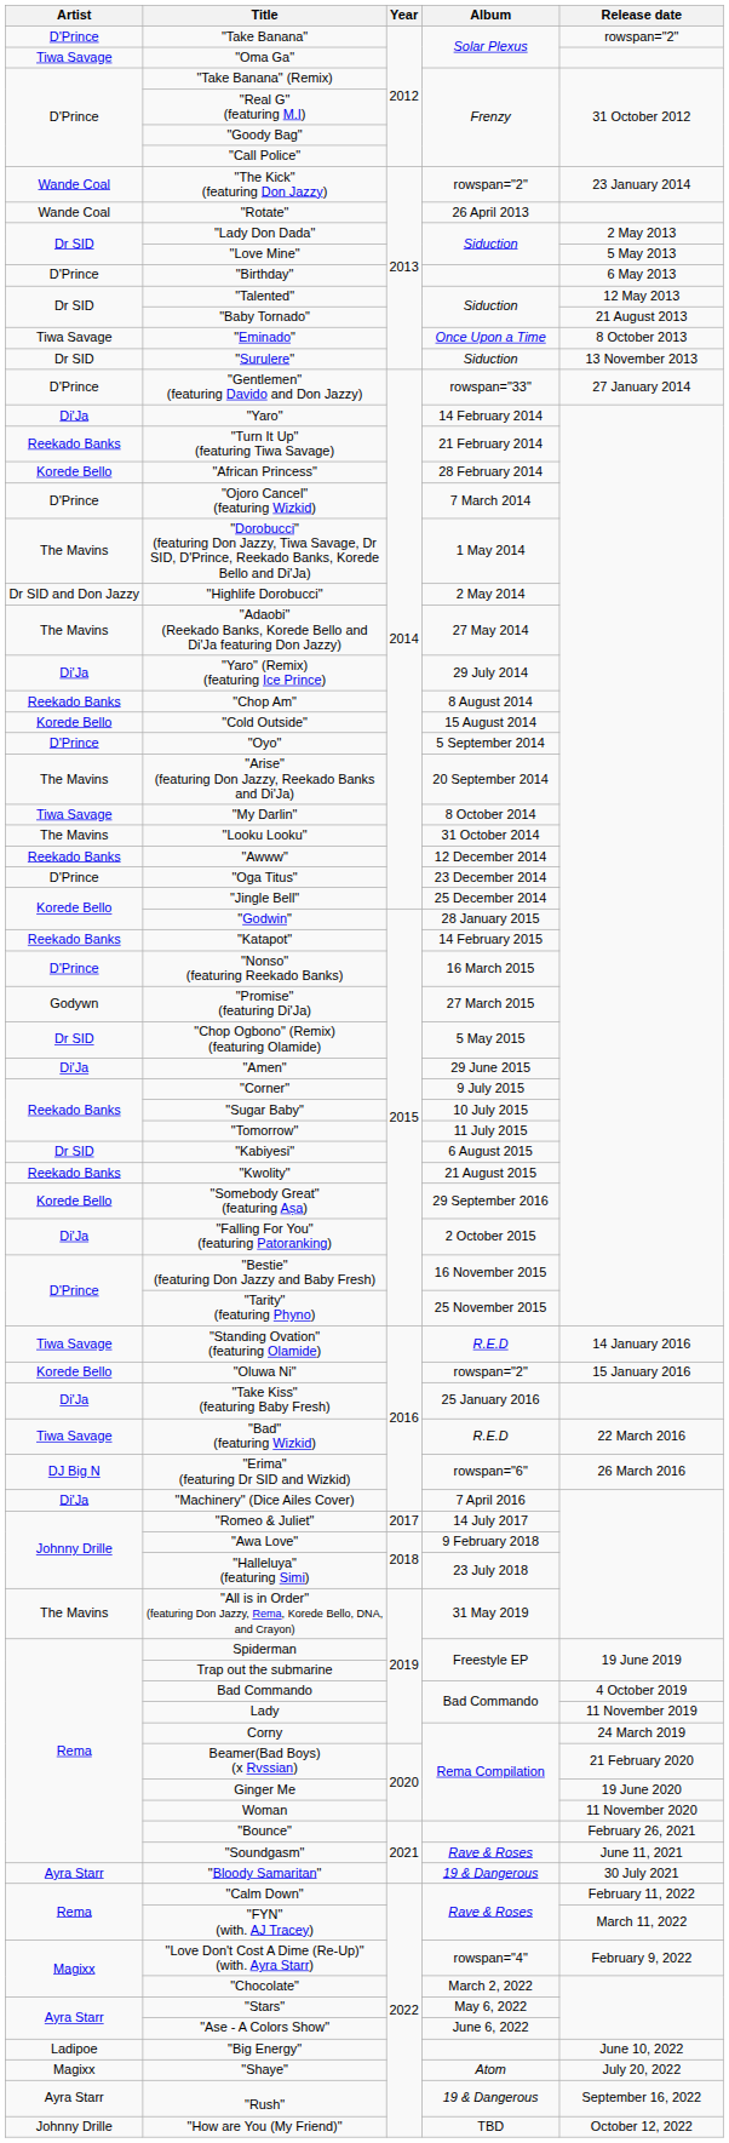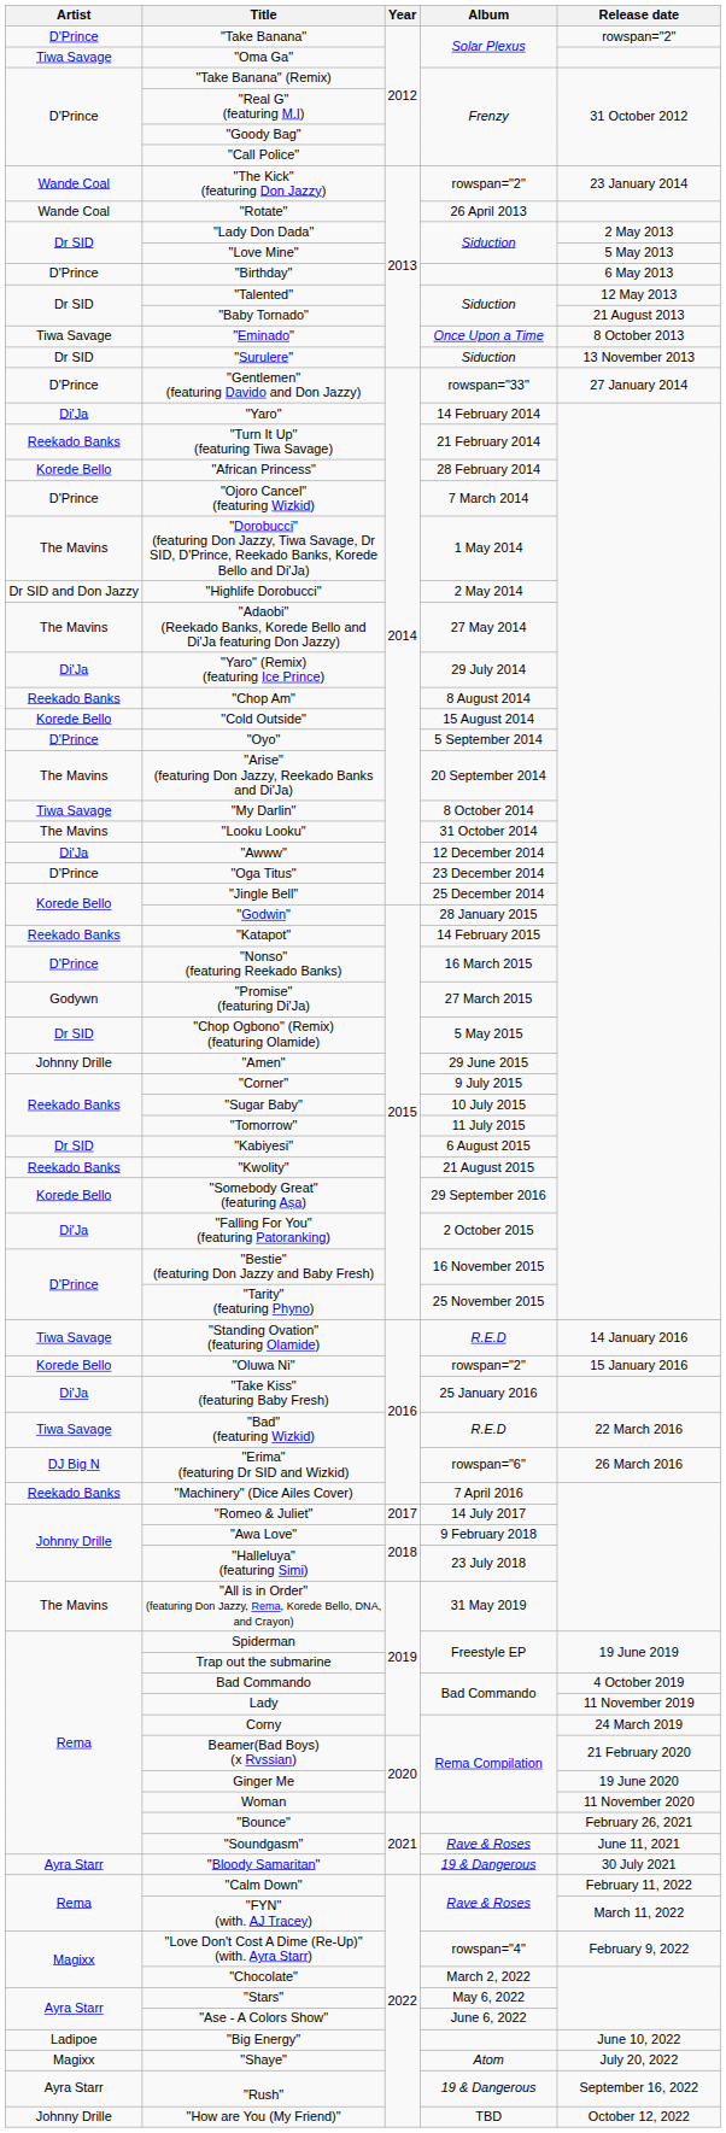 <table class="wikitable plainrowheaders" style="text-align:center;" border="1">
 <tr>
 <th style="width:10em;">Artist</th>
 <th style="width:18em;">Title</th>
 <th style="width:2em;">Year</th>
 <th style="width:10em;">Album</th>
 <th style="width:12em;">Release date</th>
 </tr>
 <tr>
 <td><a href='#'>D'Prince</a></td>
 <td>"Take Banana"</td>
 <td rowspan="6">2012</td>
 <td rowspan="2"><em><a href='#'>Solar Plexus</a></em></td>
 <td>rowspan="2" </td>
 </tr>
 <tr>
 <td><a href='#'>Tiwa Savage</a></td>
 <td>"Oma Ga"</td>
 </tr>
 <tr>
 <td rowspan="4">D'Prince</td>
 <td>"Take Banana" (Remix)</td>
 <td rowspan="4"><em>Frenzy</em></td>
 <td rowspan="4">31 October 2012</td>
 </tr>
 <tr>
 <td>"Real G" <br><span>(featuring <a href='#'>M.I</a>)</span></td>
 </tr>
 <tr>
 <td>"Goody Bag"</td>
 </tr>
 <tr>
 <td>"Call Police"</td>
 </tr>
 <tr>
 <td><a href='#'>Wande Coal</a></td>
 <td>"The Kick" <br><span>(featuring <a href='#'>Don Jazzy</a>)</span></td>
 <td rowspan="9">2013</td>
 <td>rowspan="2" </td>
 <td>23 January 2014</td>
 </tr>
 <tr>
 <td>Wande Coal</td>
 <td>"Rotate"</td>
 <td>26 April 2013</td>
 </tr>
 <tr>
 <td rowspan="2"><a href='#'>Dr SID</a></td>
 <td>"Lady Don Dada"</td>
 <td rowspan="2"><em><a href='#'>Siduction</a></em></td>
 <td>2 May 2013</td>
 </tr>
 <tr>
 <td>"Love Mine"</td>
 <td>5 May 2013</td>
 </tr>
 <tr>
 <td>D'Prince</td>
 <td>"Birthday"</td>
 <td></td>
 <td>6 May 2013</td>
 </tr>
 <tr>
 <td rowspan="2">Dr SID</td>
 <td>"Talented"</td>
 <td rowspan="2"><em>Siduction</em></td>
 <td>12 May 2013</td>
 </tr>
 <tr>
 <td>"Baby Tornado"</td>
 <td>21 August 2013</td>
 </tr>
 <tr>
 <td>Tiwa Savage</td>
 <td>"<a href='#'>Eminado</a>"</td>
 <td><em><a href='#'>Once Upon a Time</a></em></td>
 <td>8 October 2013</td>
 </tr>
 <tr>
 <td>Dr SID</td>
 <td>"<a href='#'>Surulere</a>"</td>
 <td><em>Siduction</em></td>
 <td>13 November 2013</td>
 </tr>
 <tr>
 <td>D'Prince</td>
 <td>"Gentlemen" <br><span>(featuring <a href='#'>Davido</a> and Don Jazzy)</span></td>
 <td rowspan="18">2014</td>
 <td>rowspan="33" </td>
 <td>27 January 2014</td>
 </tr>
 <tr>
 <td><a href='#'>Di'Ja</a></td>
 <td>"Yaro"</td>
 <td>14 February 2014</td>
 </tr>
 <tr>
 <td><a href='#'>Reekado Banks</a></td>
 <td>"Turn It Up" <br><span>(featuring Tiwa Savage)</span></td>
 <td>21 February 2014</td>
 </tr>
 <tr>
 <td><a href='#'>Korede Bello</a></td>
 <td>"African Princess"</td>
 <td>28 February 2014</td>
 </tr>
 <tr>
 <td>D'Prince</td>
 <td>"Ojoro Cancel" <br><span>(featuring <a href='#'>Wizkid</a>)</span></td>
 <td>7 March 2014</td>
 </tr>
 <tr>
 <td>The Mavins</td>
 <td>"<a href='#'>Dorobucci</a>" <br><span>(featuring Don Jazzy, Tiwa Savage, Dr SID, D'Prince, Reekado Banks, Korede Bello and Di'Ja)</span></td>
 <td>1 May 2014</td>
 </tr>
 <tr>
 <td>Dr SID and Don Jazzy</td>
 <td>"Highlife Dorobucci"</td>
 <td>2 May 2014</td>
 </tr>
 <tr>
 <td>The Mavins</td>
 <td>"Adaobi" <br><span>(Reekado Banks, Korede Bello and Di'Ja featuring Don Jazzy)</span></td>
 <td>27 May 2014</td>
 </tr>
 <tr>
 <td><a href='#'>Di'Ja</a></td>
 <td>"Yaro" (Remix) <br><span>(featuring <a href='#'>Ice Prince</a>)</span></td>
 <td>29 July 2014</td>
 </tr>
 <tr>
 <td><a href='#'>Reekado Banks</a></td>
 <td>"Chop Am"</td>
 <td>8 August 2014</td>
 </tr>
 <tr>
 <td><a href='#'>Korede Bello</a></td>
 <td>"Cold Outside"</td>
 <td>15 August 2014</td>
 </tr>
 <tr>
 <td><a href='#'>D'Prince</a></td>
 <td>"Oyo"</td>
 <td>5 September 2014</td>
 </tr>
 <tr>
 <td>The Mavins</td>
 <td>"Arise" <br><span>(featuring Don Jazzy, Reekado Banks and Di'Ja)</span></td>
 <td>20 September 2014</td>
 </tr>
 <tr>
 <td><a href='#'>Tiwa Savage</a></td>
 <td>"My Darlin"</td>
 <td>8 October 2014</td>
 </tr>
 <tr>
 <td>The Mavins</td>
 <td>"Looku Looku"</td>
 <td>31 October 2014</td>
 </tr>
 <tr>
-<td><a href='#'>Reekado Banks</a></td>
+<td><a href='#'>Di'Ja</a></td>
 <td>"Awww"</td>
 <td>12 December 2014</td>
 </tr>
 <tr>
 <td>D'Prince</td>
 <td>"Oga Titus"</td>
 <td>23 December 2014</td>
 </tr>
 <tr>
 <td rowspan="2"><a href='#'>Korede Bello</a></td>
 <td>"Jingle Bell"</td>
 <td>25 December 2014</td>
 </tr>
 <tr>
 <td>"<a href='#'>Godwin</a>"</td>
 <td rowspan="15">2015</td>
 <td>28 January 2015</td>
 </tr>
 <tr>
 <td><a href='#'>Reekado Banks</a></td>
 <td>"Katapot"</td>
 <td>14 February 2015</td>
 </tr>
 <tr>
 <td><a href='#'>D'Prince</a></td>
 <td>"Nonso" <br><span>(featuring Reekado Banks)</span></td>
 <td>16 March 2015</td>
 </tr>
 <tr>
 <td>Godywn  </td>
 <td>"Promise" <br><span>(featuring Di'Ja)</span></td>
 <td>27 March 2015</td>
 </tr>
 <tr>
 <td><a href='#'>Dr SID</a></td>
 <td>"Chop Ogbono" (Remix) <br><span>(featuring Olamide)</span></td>
 <td>5 May 2015</td>
 </tr>
 <tr>
-<td><a href='#'>Di'Ja</a></td>
+<td>Johnny Drille</td>
 <td>"Amen"</td>
 <td>29 June 2015</td>
 </tr>
 <tr>
 <td rowspan="3"><a href='#'>Reekado Banks</a></td>
 <td>"Corner"</td>
 <td>9 July 2015</td>
 </tr>
 <tr>
 <td>"Sugar Baby"</td>
 <td>10 July 2015</td>
 </tr>
 <tr>
 <td>"Tomorrow"</td>
 <td>11 July 2015</td>
 </tr>
 <tr>
 <td><a href='#'>Dr SID</a></td>
 <td>"Kabiyesi"</td>
 <td>6 August 2015</td>
 </tr>
 <tr>
 <td><a href='#'>Reekado Banks</a></td>
 <td>"Kwolity"</td>
 <td>21 August 2015</td>
 </tr>
 <tr>
 <td><a href='#'>Korede Bello</a></td>
 <td>"Somebody Great" <br><span>(featuring <a href='#'>Aṣa</a>)</span></td>
 <td>29 September 2016</td>
 </tr>
 <tr>
 <td><a href='#'>Di'Ja</a></td>
 <td>"Falling For You" <br><span>(featuring <a href='#'>Patoranking</a>)</span></td>
 <td>2 October 2015</td>
 </tr>
 <tr>
 <td rowspan="2"><a href='#'>D'Prince</a></td>
 <td>"Bestie" <br><span>(featuring Don Jazzy and Baby Fresh)</span></td>
 <td>16 November 2015</td>
 </tr>
 <tr>
 <td>"Tarity" <br><span>(featuring <a href='#'>Phyno</a>)</span></td>
 <td>25 November 2015</td>
 </tr>
 <tr>
 <td><a href='#'>Tiwa Savage</a></td>
 <td>"Standing Ovation" <br><span>(featuring <a href='#'>Olamide</a>)</span></td>
 <td rowspan="6">2016</td>
 <td><em><a href='#'>R.E.D</a></em></td>
 <td>14 January 2016</td>
 </tr>
 <tr>
 <td><a href='#'>Korede Bello</a></td>
 <td>"Oluwa Ni"</td>
 <td>rowspan="2" </td>
 <td>15 January 2016</td>
 </tr>
 <tr>
 <td><a href='#'>Di'Ja</a></td>
 <td>"Take Kiss" <br><span>(featuring Baby Fresh)</span></td>
 <td>25 January 2016</td>
 </tr>
 <tr>
 <td><a href='#'>Tiwa Savage</a></td>
 <td>"Bad"  <br><span>(featuring <a href='#'>Wizkid</a>)</span></td>
 <td><em>R.E.D</em></td>
 <td>22 March 2016</td>
 </tr>
 <tr>
 <td><a href='#'>DJ Big N</a></td>
 <td>"Erima" <br><span>(featuring Dr SID and Wizkid)</span></td>
 <td>rowspan="6" </td>
 <td>26 March 2016</td>
 </tr>
 <tr>
-<td><a href='#'>Di'Ja</a></td>
+<td><a href='#'>Reekado Banks</a></td>
 <td>"Machinery" (Dice Ailes Cover)</td>
 <td>7 April 2016</td>
 </tr>
 <tr>
 <td rowspan="3"><a href='#'>Johnny Drille</a></td>
 <td>"Romeo & Juliet"</td>
 <td rowspan="1">2017</td>
 <td>14 July 2017</td>
 </tr>
 <tr>
 <td>"Awa Love"</td>
 <td rowspan="2">2018</td>
 <td>9 February 2018</td>
 </tr>
 <tr>
 <td>"Halleluya" <br><span> (featuring <a href='#'>Simi</a>)</span></td>
 <td>23 July 2018</td>
 </tr>
 <tr>
 <td>The Mavins</td>
 <td>"All is in Order" <br><small>(featuring Don Jazzy, <a href='#'>Rema</a>, Korede Bello, DNA, and Crayon)</small></td>
 <td rowspan="6">2019</td>
 <td>31 May 2019</td>
 </tr>
 <tr>
 <td rowspan="10"><a href='#'>Rema</a></td>
 <td>Spiderman</td>
 <td rowspan="2">Freestyle EP</td>
 <td rowspan="2">19 June 2019</td>
 </tr>
 <tr>
 <td>Trap out the submarine</td>
 </tr>
 <tr>
 <td>Bad Commando</td>
 <td rowspan="2">Bad Commando</td>
 <td>4 October 2019</td>
 </tr>
 <tr>
 <td>Lady</td>
 <td>11 November 2019</td>
 </tr>
 <tr>
 <td>Corny</td>
 <td rowspan="4"><a href='#'>Rema Compilation</a></td>
 <td>24 March 2019</td>
 </tr>
 <tr>
 <td>Beamer(Bad Boys)<br>(x <a href='#'>Rvssian</a>)</td>
 <td rowspan="3">2020</td>
 <td>21 February 2020</td>
 </tr>
 <tr>
 <td>Ginger Me</td>
 <td>19 June 2020</td>
 </tr>
 <tr>
 <td>Woman</td>
 <td>11 November 2020</td>
 </tr>
 <tr>
 <td>"Bounce"</td>
 <td rowspan="3">2021</td>
 <td><em></em></td>
 <td>February 26, 2021</td>
 </tr>
 <tr>
 <td>"Soundgasm"</td>
 <td rowspan="1"><em><a href='#'>Rave & Roses</a></em></td>
 <td>June 11, 2021</td>
 </tr>
 <tr>
 <td><a href='#'>Ayra Starr</a></td>
 <td>"<a href='#'>Bloody Samaritan</a>"</td>
 <td><em><a href='#'>19 & Dangerous</a></em></td>
 <td>30 July 2021</td>
 </tr>
 <tr>
 <td rowspan="2"><a href='#'>Rema</a></td>
 <td>"Calm Down"</td>
 <td rowspan="10">2022</td>
 <td rowspan="2"><em><a href='#'>Rave & Roses</a></em></td>
 <td>February 11, 2022</td>
 </tr>
 <tr>
 <td>"FYN" <br>(with. <a href='#'>AJ Tracey</a>)</td>
 <td>March 11, 2022</td>
 </tr>
 <tr>
 <td rowspan="2"><a href='#'>Magixx</a></td>
 <td>"Love Don't Cost A Dime (Re-Up)" <br>(with. <a href='#'>Ayra Starr</a>)</td>
 <td>rowspan="4" </td>
 <td>February 9, 2022</td>
 </tr>
 <tr>
 <td>"Chocolate"</td>
 <td>March 2, 2022</td>
 </tr>
 <tr>
 <td rowspan="2"><a href='#'>Ayra Starr</a></td>
 <td>"Stars"</td>
 <td>May 6, 2022</td>
 </tr>
 <tr>
 <td>"Ase - A Colors Show"</td>
 <td>June 6, 2022</td>
 </tr>
 <tr>
 <td>Ladipoe</td>
 <td>"Big Energy"</td>
 <td></td>
 <td>June 10, 2022</td>
 </tr>
 <tr>
 <td>Magixx</td>
 <td>"Shaye"</td>
 <td><em>Atom</em></td>
 <td>July 20, 2022</td>
 </tr>
 <tr>
 <td>Ayra Starr</td>
 <td><br>"Rush"</td>
 <td><em>19 & Dangerous</em></td>
 <td>September 16, 2022</td>
 </tr>
 <tr>
 <td>Johnny Drille</td>
 <td>"How are You (My Friend)"</td>
 <td>TBD</td>
 <td>October 12, 2022</td>
 </tr>
 </table>
